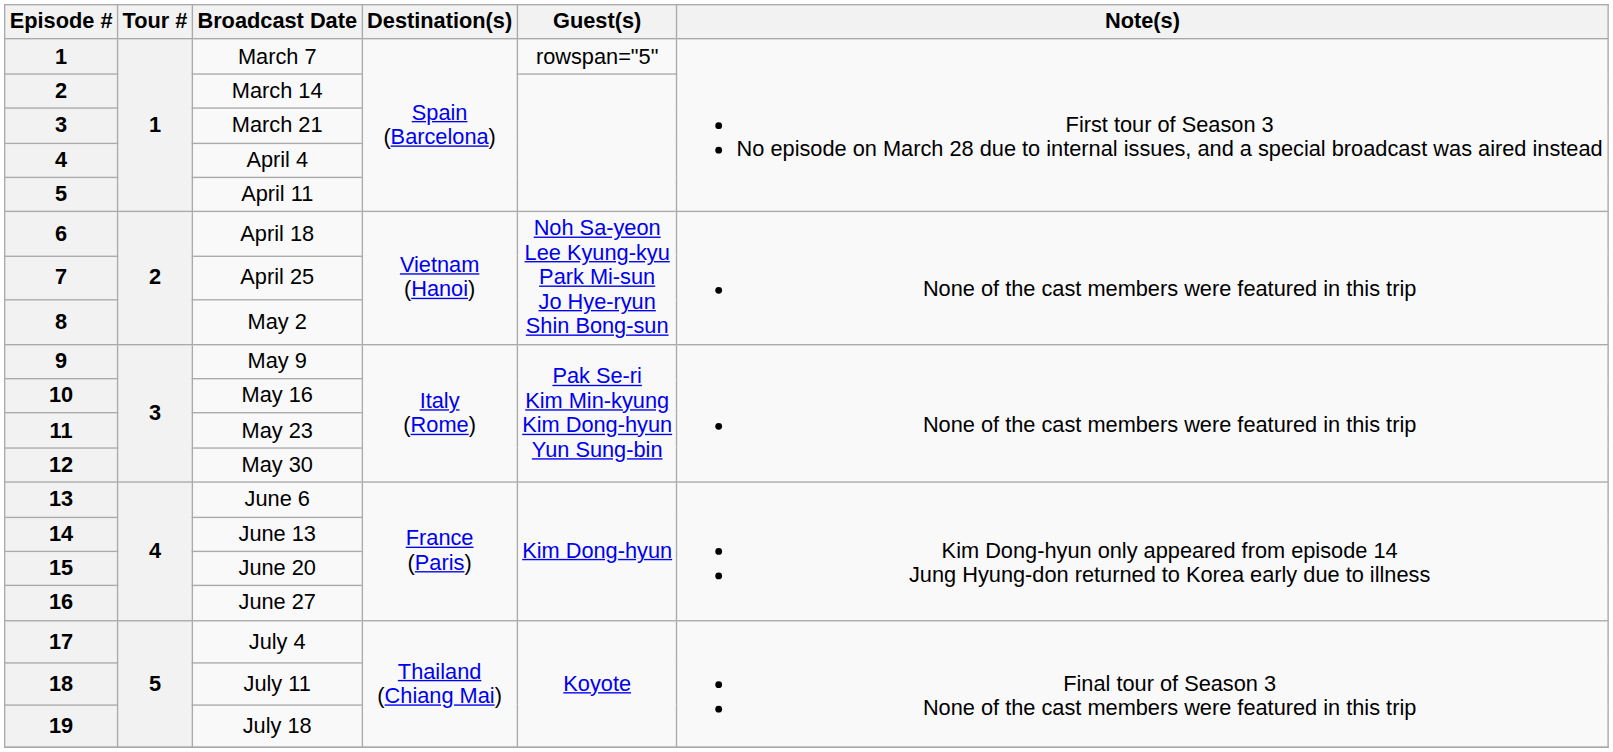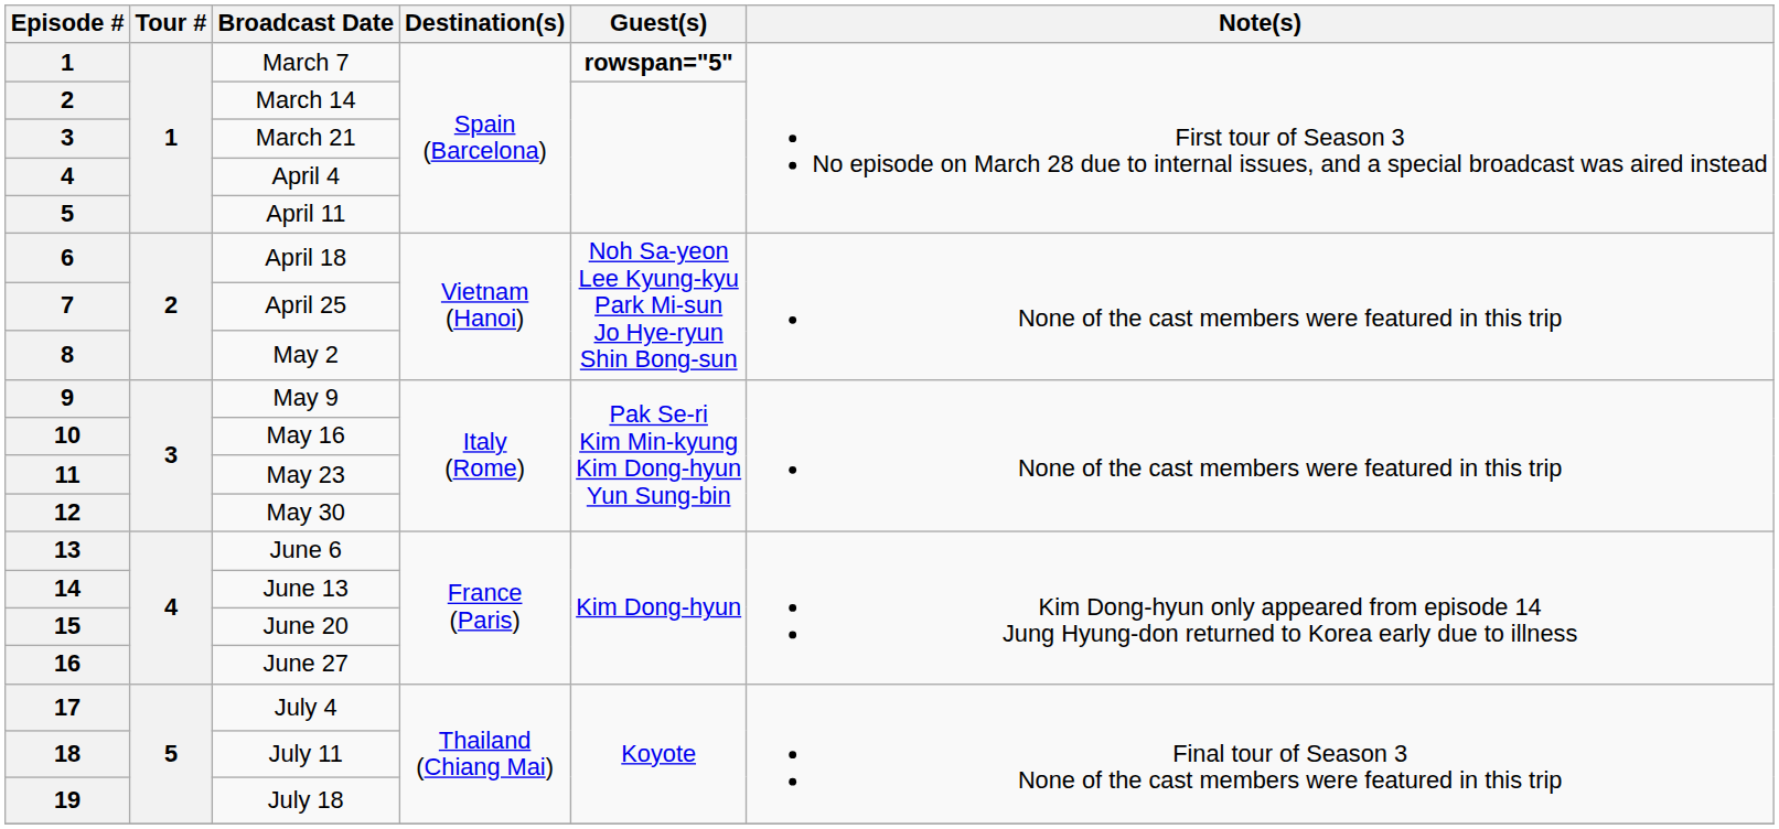 <table class="wikitable">
 <tr>
 <th>Episode #</th>
 <th>Tour #</th>
 <th>Broadcast Date</th>
 <th>Destination(s)</th>
 <th>Guest(s)</th>
 <th>Note(s)</th>
 </tr>
 <tr style="text-align:center;">
 <th>1</th>
 <th rowspan="5">1</th>
 <td>March 7</td>
 <td rowspan="5"><a href='#'>Spain</a><br>(<a href='#'>Barcelona</a>)</td>
-<td>rowspan="5" </td>
+<td><strong>rowspan="5" </strong></td>
 <td rowspan="5"><br><ul><li>First tour of Season 3</li><li>No episode on March 28 due to internal issues, and a special broadcast was aired instead</li></ul></td>
 </tr>
 <tr style="text-align:center;">
 <th>2</th>
 <td>March 14</td>
 </tr>
 <tr style="text-align:center;">
 <th>3</th>
 <td>March 21</td>
 </tr>
 <tr style="text-align:center;">
 <th>4</th>
 <td>April 4</td>
 </tr>
 <tr style="text-align:center;">
 <th>5</th>
 <td>April 11</td>
 </tr>
 <tr style="text-align:center;">
 <th>6</th>
 <th rowspan="3">2</th>
 <td>April 18</td>
 <td rowspan="3"><a href='#'>Vietnam</a><br>(<a href='#'>Hanoi</a>)</td>
 <td rowspan="3"><a href='#'>Noh Sa-yeon</a><br><a href='#'>Lee Kyung-kyu</a><br><a href='#'>Park Mi-sun</a><br><a href='#'>Jo Hye-ryun</a><br><a href='#'>Shin Bong-sun</a></td>
 <td rowspan="3"><br><ul><li>None of the cast members were featured in this trip</li></ul></td>
 </tr>
 <tr style="text-align:center;">
 <th>7</th>
 <td>April 25</td>
 </tr>
 <tr style="text-align:center;">
 <th>8</th>
 <td>May 2</td>
 </tr>
 <tr style="text-align:center;">
 <th>9</th>
 <th rowspan="4">3</th>
 <td>May 9</td>
 <td rowspan="4"><a href='#'>Italy</a><br>(<a href='#'>Rome</a>)</td>
 <td rowspan="4"><a href='#'>Pak Se-ri</a><br><a href='#'>Kim Min-kyung</a><br><a href='#'>Kim Dong-hyun</a><br><a href='#'>Yun Sung-bin</a></td>
 <td rowspan="4"><br><ul><li>None of the cast members were featured in this trip</li></ul></td>
 </tr>
 <tr style="text-align:center;">
 <th>10</th>
 <td>May 16</td>
 </tr>
 <tr style="text-align:center;">
 <th>11</th>
 <td>May 23</td>
 </tr>
 <tr style="text-align:center;">
 <th>12</th>
 <td>May 30</td>
 </tr>
 <tr style="text-align:center;">
 <th>13</th>
 <th rowspan="4">4</th>
 <td>June 6</td>
 <td rowspan="4"><a href='#'>France</a><br>(<a href='#'>Paris</a>)</td>
 <td rowspan="4"><a href='#'>Kim Dong-hyun</a></td>
 <td rowspan="4"><br><ul><li>Kim Dong-hyun only appeared from episode 14</li><li>Jung Hyung-don returned to Korea early due to illness</li></ul></td>
 </tr>
 <tr style="text-align:center;">
 <th>14</th>
 <td>June 13</td>
 </tr>
 <tr style="text-align:center;">
 <th>15</th>
 <td>June 20</td>
 </tr>
 <tr style="text-align:center;">
 <th>16</th>
 <td>June 27</td>
 </tr>
 <tr style="text-align:center;">
 <th>17</th>
 <th rowspan="3">5</th>
 <td>July 4</td>
 <td rowspan="3"><a href='#'>Thailand</a><br>(<a href='#'>Chiang Mai</a>)</td>
 <td rowspan="3"><a href='#'>Koyote</a></td>
 <td rowspan="3"><br><ul><li>Final tour of Season 3</li><li>None of the cast members were featured in this trip</li></ul></td>
 </tr>
 <tr style="text-align:center;">
 <th>18</th>
 <td>July 11</td>
 </tr>
 <tr style="text-align:center;">
 <th>19</th>
 <td>July 18</td>
 </tr>
 <tr style="text-align:center;">
 </tr>
 </table>
